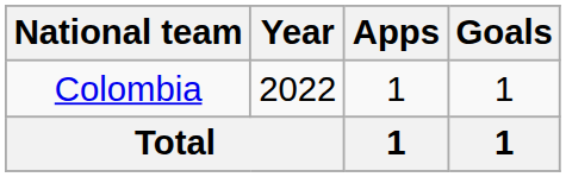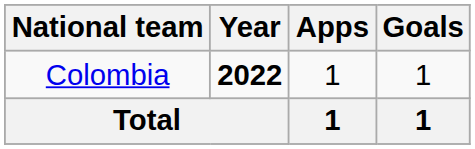 <table class="wikitable" style="text-align: center;">
 <tr>
 <th>National team</th>
 <th>Year</th>
 <th>Apps</th>
 <th>Goals</th>
 </tr>
 <tr>
 <td><a href='#'>Colombia</a></td>
-<td>2022</td>
+<td><strong>2022</strong></td>
 <td>1</td>
 <td>1</td>
 </tr>
 <tr>
 <th colspan="2">Total</th>
 <th>1</th>
 <th>1</th>
 </tr>
 </table>
